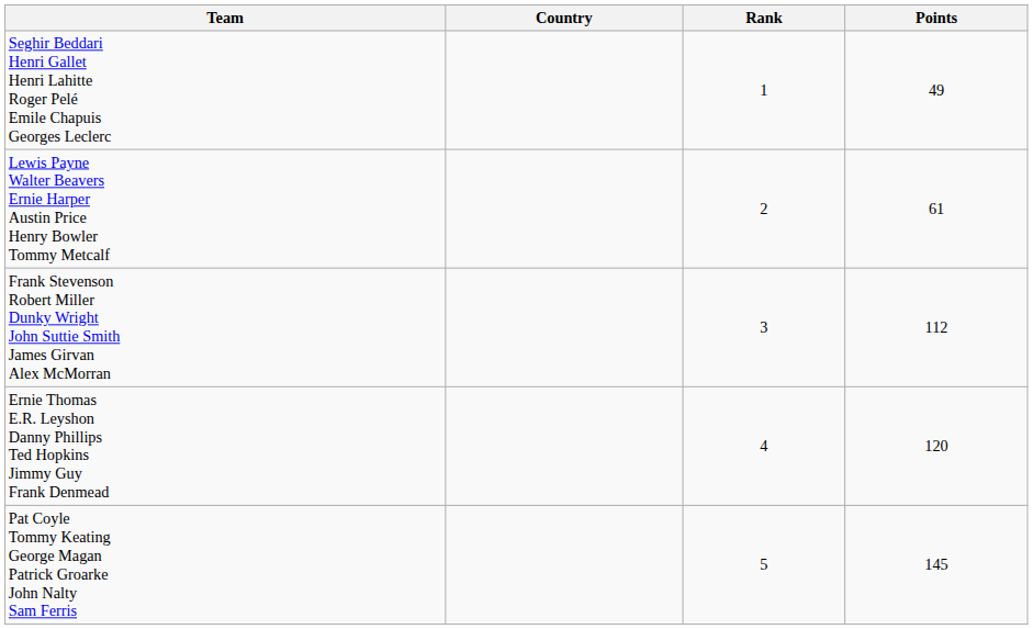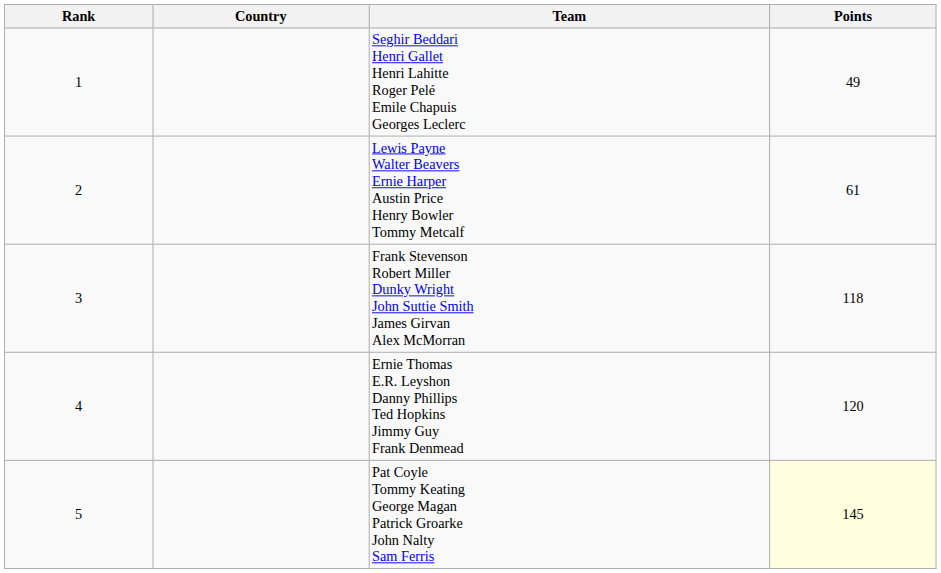 <table class="wikitable sortable" style=" text-align:center; font-size:95%;" width="50%">
 <tr>
+<th>Rank</th>
+<th>Country</th>
 <th>Team</th>
-<th>Country</th>
-<th>Rank</th>
 <th>Points</th>
 </tr>
 <tr>
+<td align=center>1</td>
+<td align=left></td>
 <td align=left><a href='#'>Seghir Beddari</a><br><a href='#'>Henri Gallet</a><br>Henri Lahitte<br>Roger Pelé<br>Emile Chapuis<br>Georges Leclerc</td>
-<td align=left></td>
-<td align=center>1</td>
 <td>49</td>
 </tr>
 <tr>
+<td align=center>2</td>
+<td align=left></td>
 <td align=left><a href='#'>Lewis Payne</a><br><a href='#'>Walter Beavers</a><br><a href='#'>Ernie Harper</a><br>Austin Price<br>Henry Bowler<br>Tommy Metcalf</td>
-<td align=left></td>
-<td align=center>2</td>
 <td>61</td>
 </tr>
 <tr>
+<td align=center>3</td>
+<td align=left></td>
 <td align=left>Frank Stevenson<br>Robert Miller<br><a href='#'>Dunky Wright</a><br><a href='#'>John Suttie Smith</a><br>James Girvan<br>Alex McMorran</td>
-<td align=left></td>
-<td align=center>3</td>
-<td>112</td>
+<td>118</td>
 </tr>
 <tr>
+<td align=center>4</td>
+<td align=left></td>
 <td align=left>Ernie Thomas<br>E.R. Leyshon<br>Danny Phillips<br>Ted Hopkins<br>Jimmy Guy<br>Frank Denmead</td>
-<td align=left></td>
-<td align=center>4</td>
 <td>120</td>
 </tr>
 <tr>
+<td align=center>5</td>
+<td align=left></td>
 <td align=left>Pat Coyle<br>Tommy Keating<br>George Magan<br>Patrick Groarke<br>John Nalty<br><a href='#'>Sam Ferris</a></td>
-<td align=left></td>
-<td align=center>5</td>
-<td>145</td>
+<td style="background: lightyellow;">145</td>
 </tr>
 </table>
